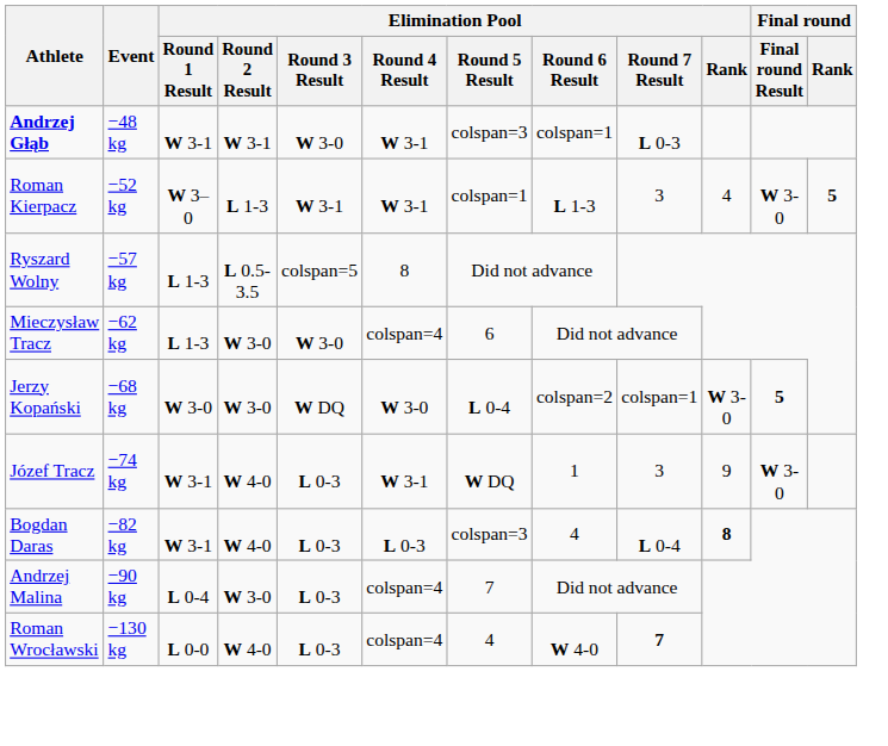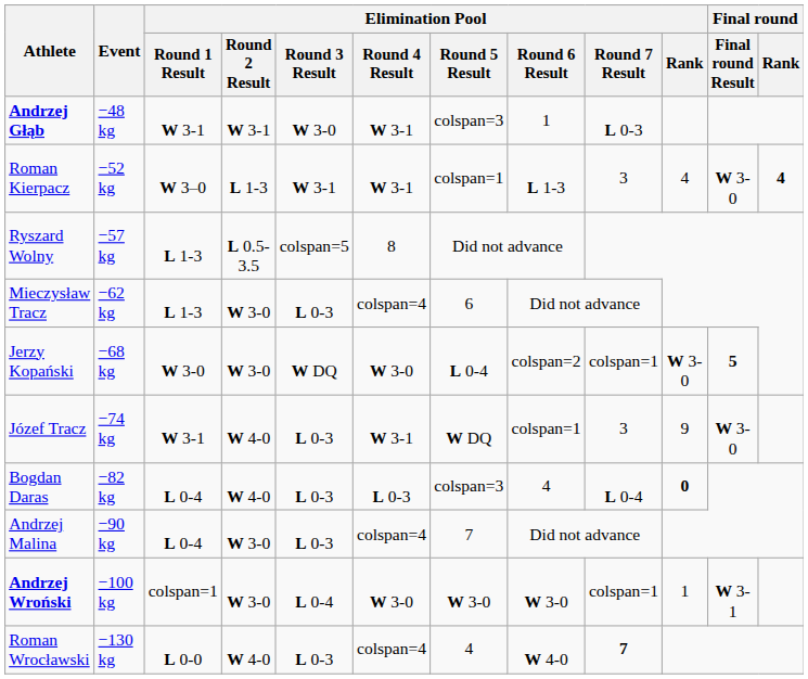 <table class="wikitable" style="font-size:90%">
 <tr>
 <th rowspan="2">Athlete</th>
 <th rowspan="2">Event</th>
 <th colspan=8>Elimination Pool</th>
 <th colspan=2>Final round</th>
 </tr>
 <tr style="font-size: 95%">
 <th>Round 1<br>Result</th>
 <th>Round 2<br>Result</th>
 <th>Round 3<br>Result</th>
 <th>Round 4<br>Result</th>
 <th>Round 5<br>Result</th>
 <th>Round 6<br>Result</th>
 <th>Round 7<br>Result</th>
 <th>Rank</th>
 <th>Final round<br>Result</th>
 <th>Rank</th>
 </tr>
 <tr align=center>
 <td align=left><strong><a href='#'>Andrzej Głąb</a></strong></td>
 <td align=left><a href='#'>−48 kg</a></td>
 <td><br><strong>W</strong> 3-1</td>
 <td><br><strong>W</strong> 3-1</td>
 <td><br><strong>W</strong> 3-0</td>
 <td><br><strong>W</strong> 3-1</td>
 <td>colspan=3 </td>
-<td>colspan=1 </td>
+<td>1</td>
 <td><br><strong>L</strong> 0-3</td>
 <td></td>
 </tr>
 <tr align=center>
 <td align=left><a href='#'>Roman Kierpacz</a></td>
 <td align=left><a href='#'>−52 kg</a></td>
 <td><br><strong>W</strong> 3–0</td>
 <td><br><strong>L</strong> 1-3</td>
 <td><br><strong>W</strong> 3-1</td>
 <td><br><strong>W</strong> 3-1</td>
 <td>colspan=1 </td>
 <td><br><strong>L</strong> 1-3</td>
 <td>3</td>
 <td>4</td>
 <td><br><strong>W</strong> 3-0</td>
-<td><strong>5</strong></td>
+<td><strong>4</strong></td>
 </tr>
 <tr align=center>
 <td align=left><a href='#'>Ryszard Wolny</a></td>
 <td align=left><a href='#'>−57 kg</a></td>
 <td><br><strong>L</strong> 1-3</td>
 <td><br><strong>L</strong> 0.5-3.5</td>
 <td>colspan=5 </td>
 <td>8</td>
 <td colspan=2>Did not advance</td>
 </tr>
 <tr align=center>
 <td align=left><a href='#'>Mieczysław Tracz</a></td>
 <td align=left><a href='#'>−62 kg</a></td>
 <td><br><strong>L</strong> 1-3</td>
 <td><br><strong>W</strong> 3-0</td>
-<td><br><strong>W</strong> 3-0</td>
+<td><br><strong>L</strong> 0-3</td>
 <td>colspan=4 </td>
 <td>6</td>
 <td colspan=2>Did not advance</td>
 </tr>
 <tr align=center>
 <td align=left><a href='#'>Jerzy Kopański</a></td>
 <td align=left><a href='#'>−68 kg</a></td>
 <td><br><strong>W</strong> 3-0</td>
 <td><br><strong>W</strong> 3-0</td>
 <td><br><strong>W</strong> DQ</td>
 <td><br><strong>W</strong> 3-0</td>
 <td><br><strong>L</strong> 0-4</td>
 <td>colspan=2 </td>
 <td>colspan=1 </td>
 <td><br><strong>W</strong> 3-0</td>
 <td><strong>5</strong></td>
 </tr>
 <tr align=center>
 <td align=left><a href='#'>Józef Tracz</a></td>
 <td align=left><a href='#'>−74 kg</a></td>
 <td><br><strong>W</strong> 3-1</td>
 <td><br><strong>W</strong> 4-0</td>
 <td><br><strong>L</strong> 0-3</td>
 <td><br><strong>W</strong> 3-1</td>
 <td><br><strong>W</strong> DQ</td>
-<td>1</td>
+<td>colspan=1 </td>
 <td>3</td>
 <td>9</td>
 <td><br><strong>W</strong> 3-0</td>
 <td></td>
 </tr>
 <tr align=center>
 <td align=left><a href='#'>Bogdan Daras</a></td>
 <td align=left><a href='#'>−82 kg</a></td>
-<td><br><strong>W</strong> 3-1</td>
+<td><br><strong>L</strong> 0-4</td>
 <td><br><strong>W</strong> 4-0</td>
 <td><br><strong>L</strong> 0-3</td>
 <td><br><strong>L</strong> 0-3</td>
 <td>colspan=3 </td>
 <td>4</td>
 <td><br><strong>L</strong> 0-4</td>
-<td><strong>8</strong></td>
+<td><strong>0</strong></td>
 </tr>
 <tr align=center>
 <td align=left><a href='#'>Andrzej Malina</a></td>
 <td align=left><a href='#'>−90 kg</a></td>
 <td><br><strong>L</strong> 0-4</td>
 <td><br><strong>W</strong> 3-0</td>
 <td><br><strong>L</strong> 0-3</td>
 <td>colspan=4 </td>
 <td>7</td>
 <td colspan=2>Did not advance</td>
+</tr>
+<tr align=center>
+<td align=left><strong><a href='#'>Andrzej Wroński</a></strong></td>
+<td align=left><a href='#'>−100 kg</a></td>
+<td>colspan=1 </td>
+<td><br><strong>W</strong> 3-0</td>
+<td><br><strong>L</strong> 0-4</td>
+<td><br><strong>W</strong> 3-0</td>
+<td><br><strong>W</strong> 3-0</td>
+<td><br><strong>W</strong> 3-0</td>
+<td>colspan=1 </td>
+<td>1</td>
+<td><br><strong>W</strong> 3-1</td>
+<td></td>
 </tr>
 <tr align=center>
 <td align=left><a href='#'>Roman Wrocławski</a></td>
 <td align=left><a href='#'>−130 kg</a></td>
 <td><br><strong>L</strong> 0-0</td>
 <td><br><strong>W</strong> 4-0</td>
 <td><br><strong>L</strong> 0-3</td>
 <td>colspan=4 </td>
 <td>4</td>
 <td><br><strong>W</strong> 4-0</td>
 <td><strong>7</strong></td>
 </tr>
 </table>
